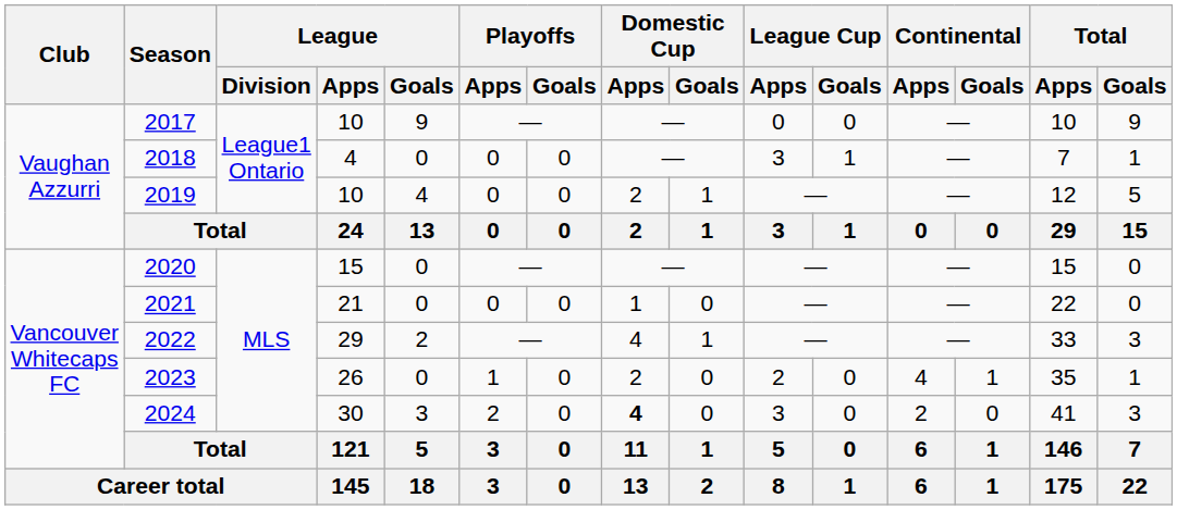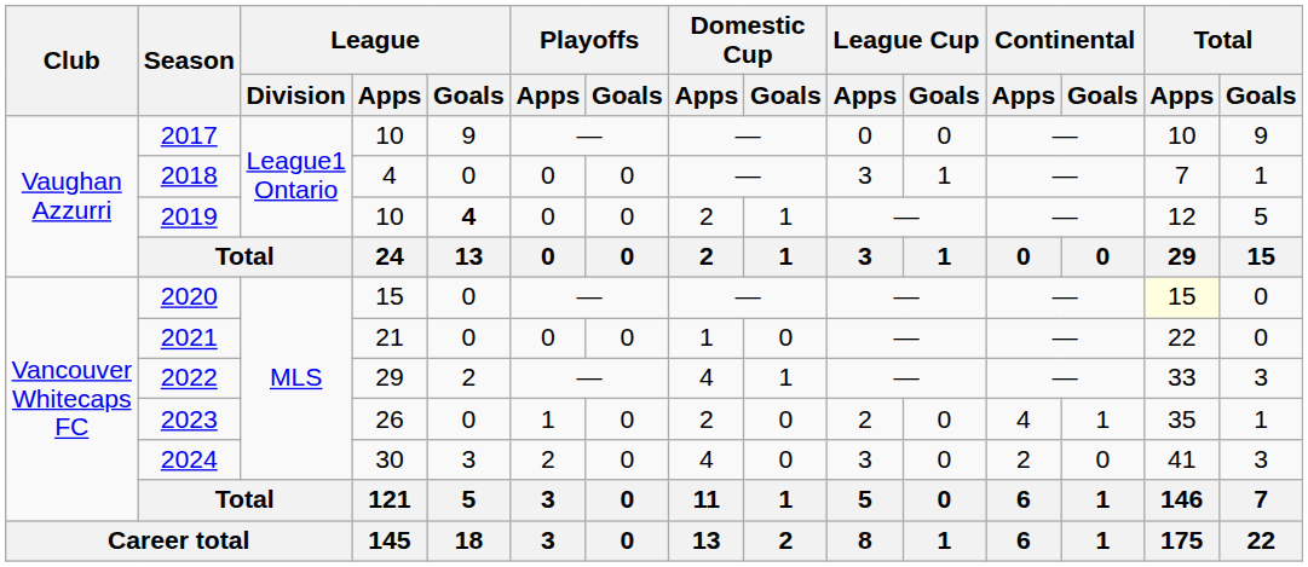 <table class=wikitable style="text-align: center;">
 <tr>
 <th rowspan=2>Club</th>
 <th rowspan=2>Season</th>
 <th colspan=3>League</th>
 <th colspan=2>Playoffs</th>
 <th colspan=2>Domestic Cup</th>
 <th colspan=2>League Cup</th>
 <th colspan=2>Continental</th>
 <th colspan=2>Total</th>
 </tr>
 <tr>
 <th>Division</th>
 <th>Apps</th>
 <th>Goals</th>
 <th>Apps</th>
 <th>Goals</th>
 <th>Apps</th>
 <th>Goals</th>
 <th>Apps</th>
 <th>Goals</th>
 <th>Apps</th>
 <th>Goals</th>
 <th>Apps</th>
 <th>Goals</th>
 </tr>
 <tr>
 <td rowspan=4><a href='#'>Vaughan Azzurri</a></td>
 <td><a href='#'>2017</a></td>
 <td rowspan=3><a href='#'>League1 Ontario</a></td>
 <td>10</td>
 <td>9</td>
 <td colspan=2>—</td>
 <td colspan=2>—</td>
 <td>0</td>
 <td>0</td>
 <td colspan=2>—</td>
 <td>10</td>
 <td>9</td>
 </tr>
 <tr>
 <td><a href='#'>2018</a></td>
 <td>4</td>
 <td>0</td>
 <td>0</td>
 <td>0</td>
 <td colspan=2>—</td>
 <td>3</td>
 <td>1</td>
 <td colspan=2>—</td>
 <td>7</td>
 <td>1</td>
 </tr>
 <tr>
 <td><a href='#'>2019</a></td>
 <td>10</td>
-<td>4</td>
+<td><strong>4</strong></td>
 <td>0</td>
 <td>0</td>
 <td>2</td>
 <td>1</td>
 <td colspan=2>—</td>
 <td colspan=2>—</td>
 <td>12</td>
 <td>5</td>
 </tr>
 <tr>
 <th colspan=2>Total</th>
 <th>24</th>
 <th>13</th>
 <th>0</th>
 <th>0</th>
 <th>2</th>
 <th>1</th>
 <th>3</th>
 <th>1</th>
 <th>0</th>
 <th>0</th>
 <th>29</th>
 <th>15</th>
 </tr>
 <tr>
 <td rowspan="6"><a href='#'>Vancouver Whitecaps FC</a></td>
 <td><a href='#'>2020</a></td>
 <td rowspan="5"><a href='#'>MLS</a></td>
 <td>15</td>
 <td>0</td>
 <td colspan=2>—</td>
 <td colspan=2>—</td>
 <td colspan=2>—</td>
 <td colspan=2>—</td>
-<td>15</td>
+<td style="background: lightyellow;">15</td>
 <td>0</td>
 </tr>
 <tr>
 <td><a href='#'>2021</a></td>
 <td>21</td>
 <td>0</td>
 <td>0</td>
 <td>0</td>
 <td>1</td>
 <td>0</td>
 <td colspan=2>—</td>
 <td colspan=2>—</td>
 <td>22</td>
 <td>0</td>
 </tr>
 <tr>
 <td><a href='#'>2022</a></td>
 <td>29</td>
 <td>2</td>
 <td colspan=2>—</td>
 <td>4</td>
 <td>1</td>
 <td colspan=2>—</td>
 <td colspan=2>—</td>
 <td>33</td>
 <td>3</td>
 </tr>
 <tr>
 <td><a href='#'>2023</a></td>
 <td>26</td>
 <td>0</td>
 <td>1</td>
 <td>0</td>
 <td>2</td>
 <td>0</td>
 <td>2</td>
 <td>0</td>
 <td>4</td>
 <td>1</td>
 <td>35</td>
 <td>1</td>
 </tr>
 <tr>
 <td><a href='#'>2024</a></td>
 <td>30</td>
 <td>3</td>
 <td>2</td>
 <td>0</td>
-<td><strong>4</strong></td>
+<td>4</td>
 <td>0</td>
 <td>3</td>
 <td>0</td>
 <td>2</td>
 <td>0</td>
 <td>41</td>
 <td>3</td>
 </tr>
 <tr>
 <th colspan=2>Total</th>
 <th>121</th>
 <th>5</th>
 <th>3</th>
 <th>0</th>
 <th>11</th>
 <th>1</th>
 <th>5</th>
 <th>0</th>
 <th>6</th>
 <th>1</th>
 <th>146</th>
 <th>7</th>
 </tr>
 <tr>
 <th colspan=3>Career total</th>
 <th>145</th>
 <th>18</th>
 <th>3</th>
 <th>0</th>
 <th>13</th>
 <th>2</th>
 <th>8</th>
 <th>1</th>
 <th>6</th>
 <th>1</th>
 <th>175</th>
 <th>22</th>
 </tr>
 </table>
